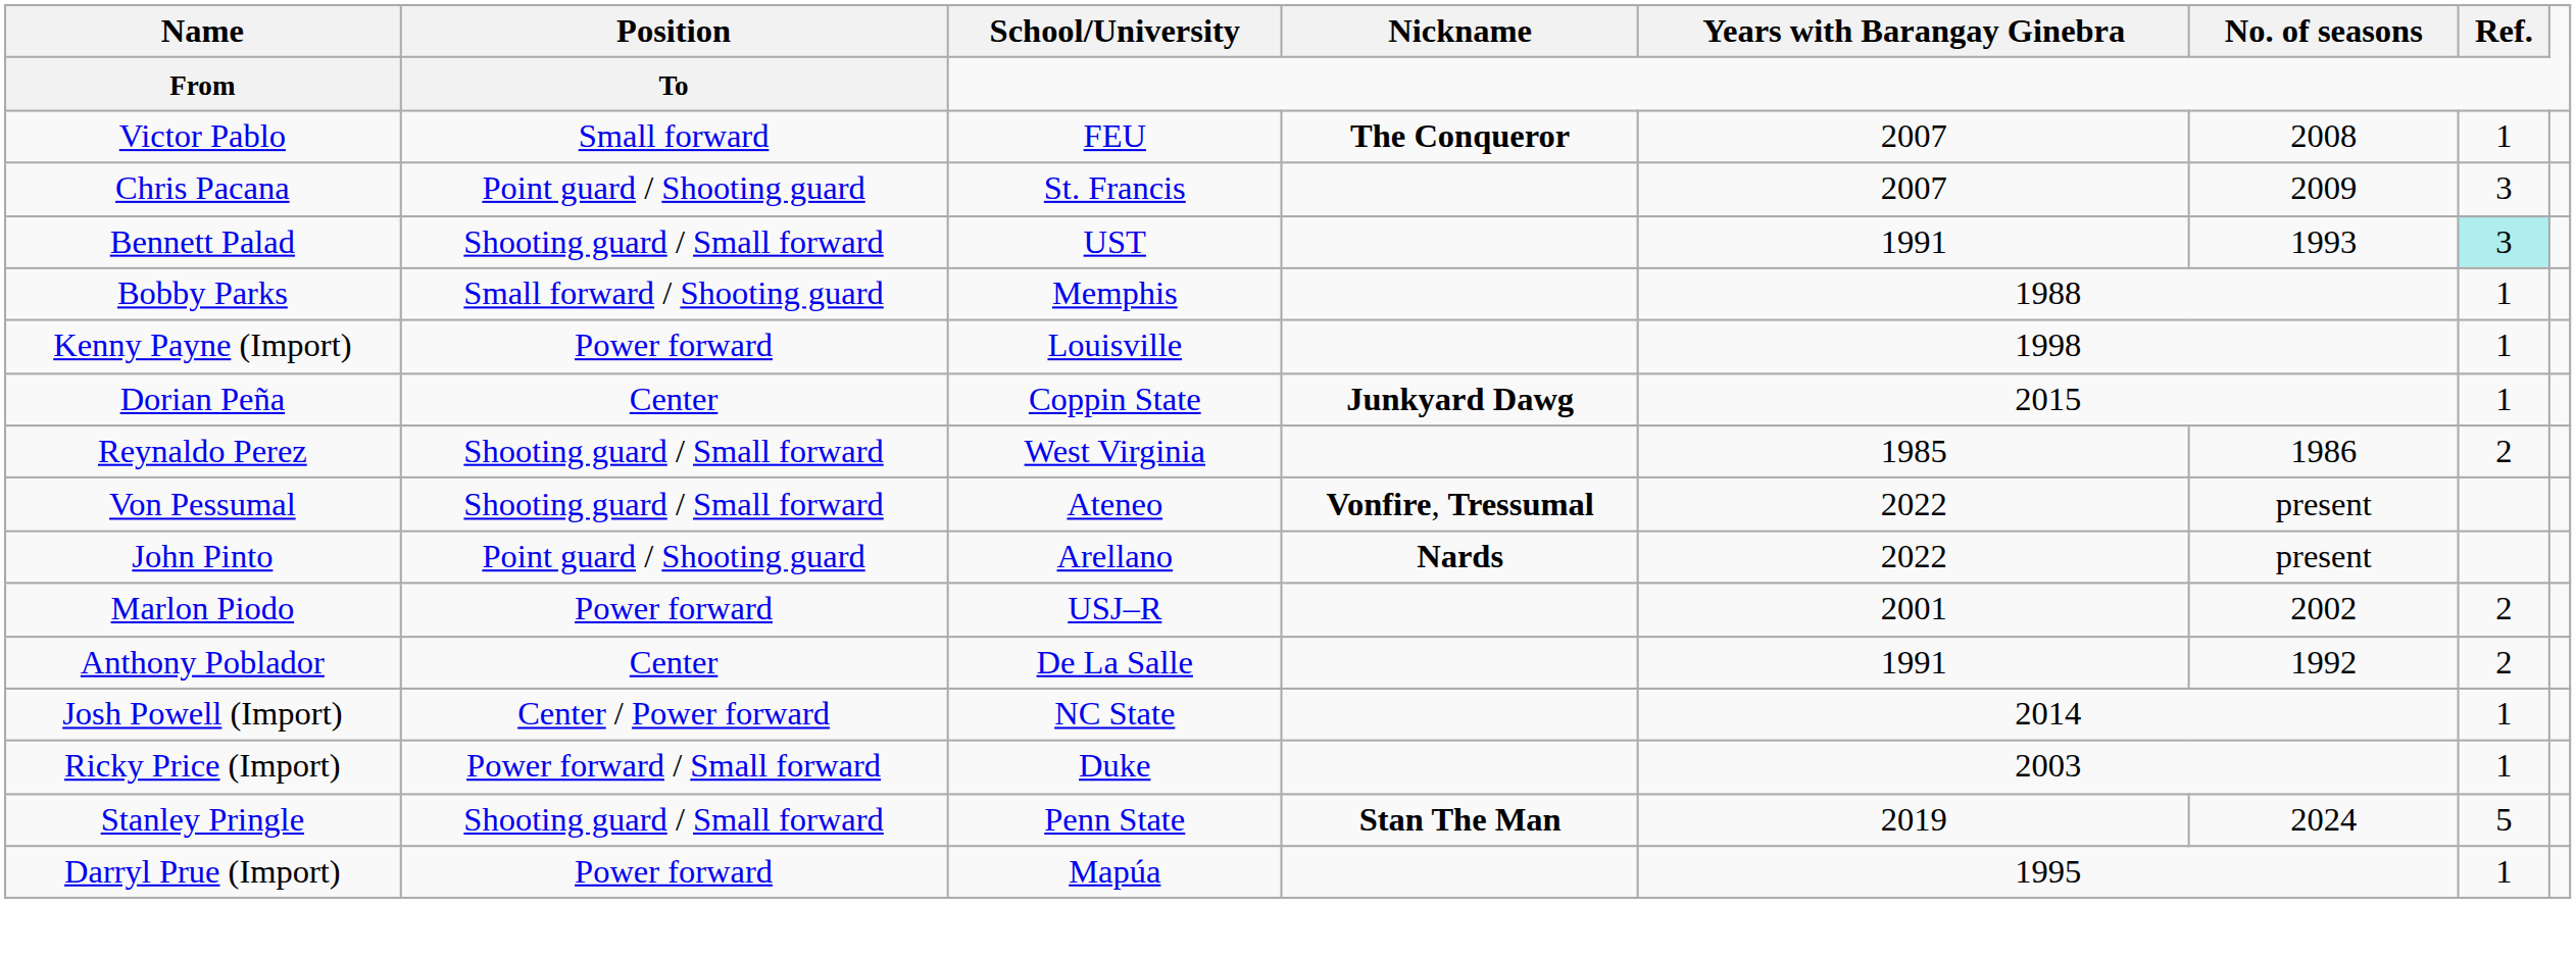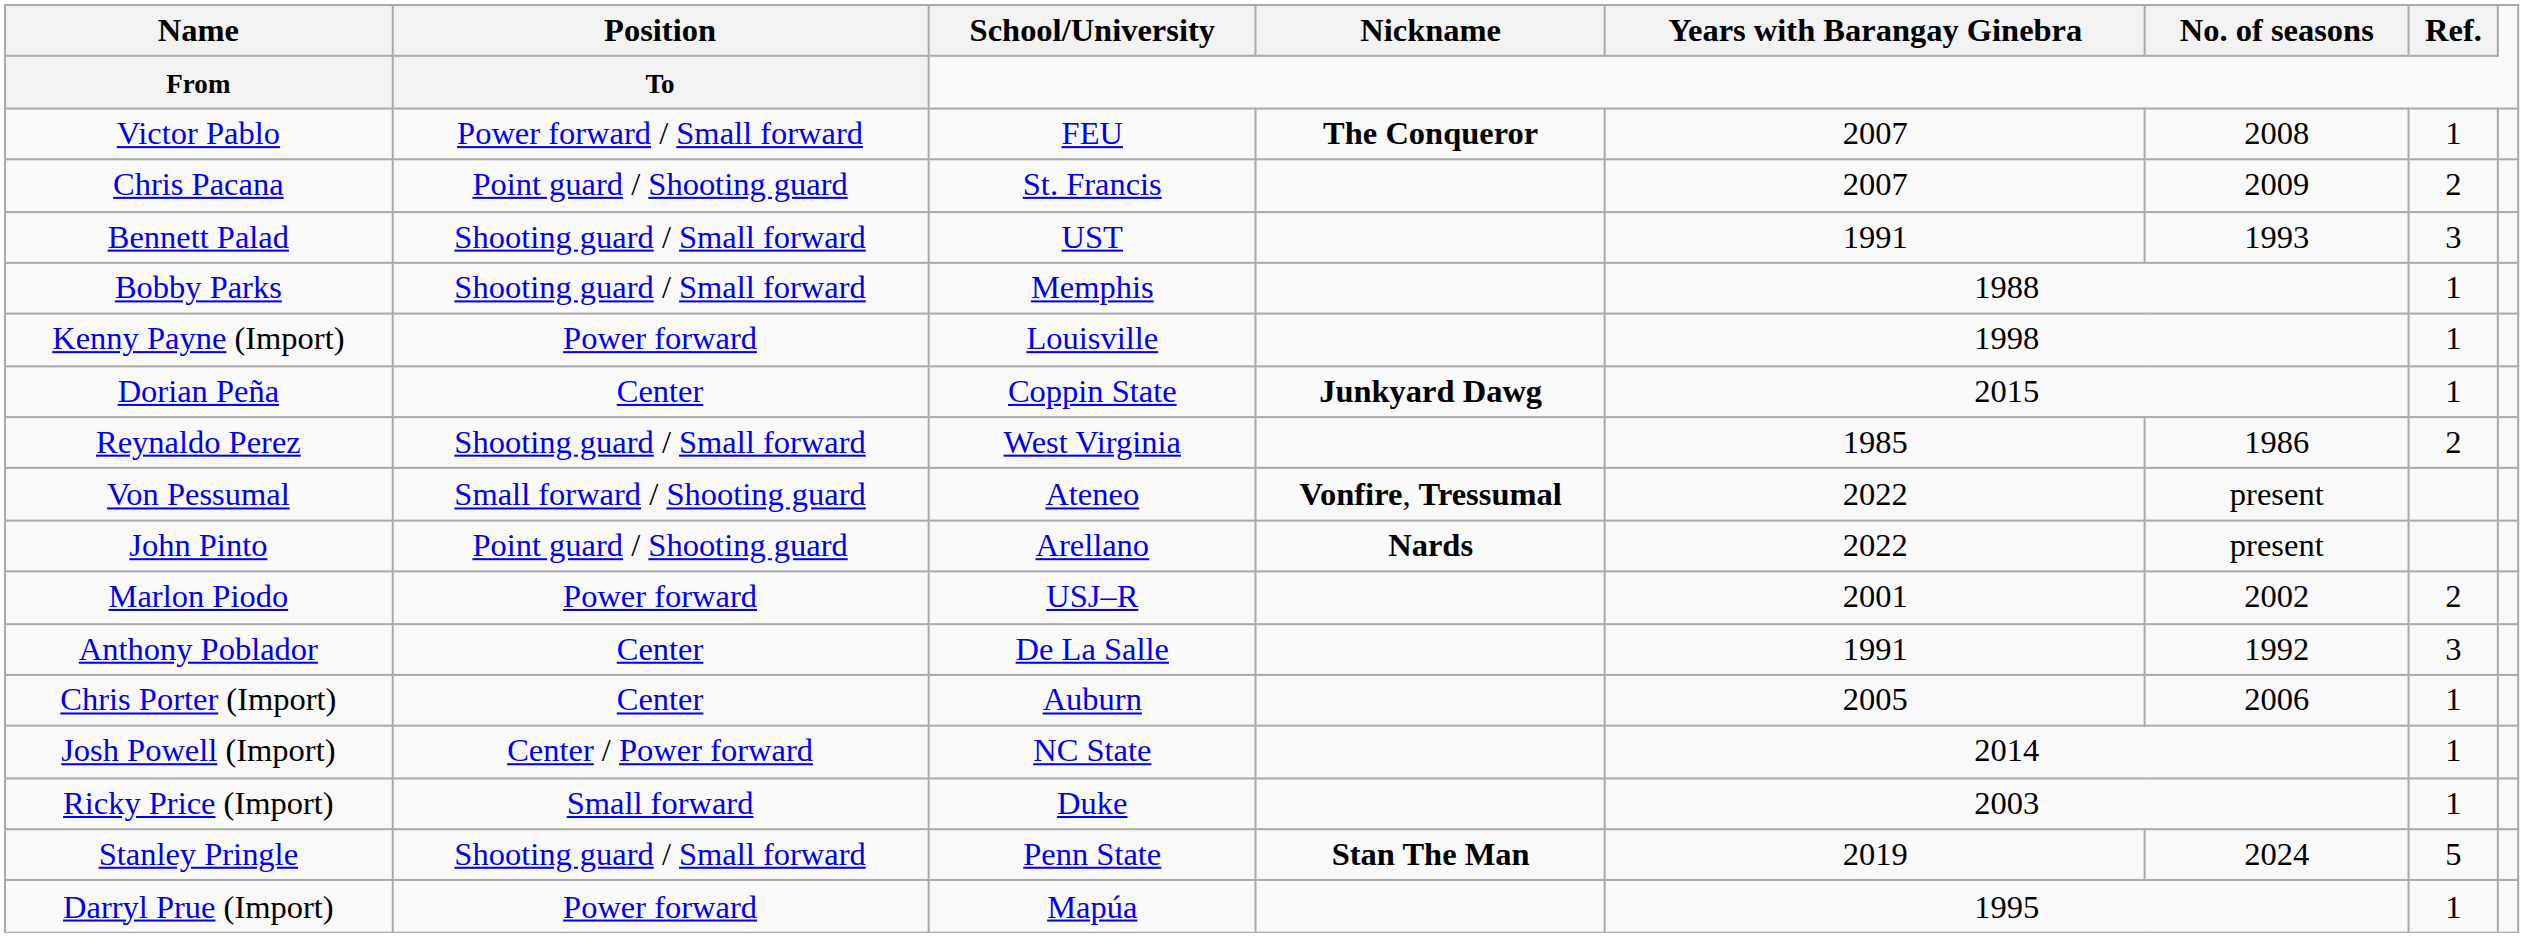 <table class="wikitable sortable" style="text-align:center" width="98%">
 <tr>
 <th>Name</th>
 <th>Position</th>
 <th>School/University</th>
 <th>Nickname</th>
 <th>Years with Barangay Ginebra</th>
 <th>No. of seasons</th>
 <th>Ref.</th>
 </tr>
 <tr>
 <th><small>From</small></th>
 <th><small>To</small></th>
 </tr>
 <tr>
 <td><a href='#'>Victor Pablo</a></td>
-<td><a href='#'>Small forward</a></td>
+<td><a href='#'>Power forward</a> / <a href='#'>Small forward</a></td>
 <td><a href='#'>FEU</a></td>
 <td><strong>The Conqueror</strong></td>
 <td>2007</td>
 <td>2008</td>
 <td>1</td>
 <td></td>
 </tr>
 <tr>
 <td><a href='#'>Chris Pacana</a></td>
 <td><a href='#'>Point guard</a> / <a href='#'>Shooting guard</a></td>
 <td><a href='#'>St. Francis</a></td>
 <td></td>
 <td>2007</td>
 <td>2009</td>
-<td>3</td>
+<td>2</td>
 <td></td>
 </tr>
 <tr>
 <td><a href='#'>Bennett Palad</a></td>
 <td><a href='#'>Shooting guard</a> / <a href='#'>Small forward</a></td>
 <td><a href='#'>UST</a></td>
 <td></td>
 <td>1991</td>
 <td>1993</td>
-<td style="background: paleturquoise;">3</td>
+<td>3</td>
 <td></td>
 </tr>
 <tr>
 <td><a href='#'>Bobby Parks</a></td>
-<td><a href='#'>Small forward</a> / <a href='#'>Shooting guard</a></td>
+<td><a href='#'>Shooting guard</a> / <a href='#'>Small forward</a></td>
 <td><a href='#'>Memphis</a></td>
 <td></td>
 <td colspan="2">1988</td>
 <td>1</td>
 <td></td>
 </tr>
 <tr>
 <td><a href='#'>Kenny Payne</a> (Import)</td>
 <td><a href='#'>Power forward</a></td>
 <td><a href='#'>Louisville</a></td>
 <td></td>
 <td colspan="2">1998</td>
 <td>1</td>
 <td></td>
 </tr>
 <tr>
 <td><a href='#'>Dorian Peña</a></td>
 <td><a href='#'>Center</a></td>
 <td><a href='#'>Coppin State</a></td>
 <td><strong>Junkyard Dawg</strong></td>
 <td colspan="2">2015</td>
 <td>1</td>
 <td></td>
 </tr>
 <tr>
 <td><a href='#'>Reynaldo Perez</a></td>
 <td><a href='#'>Shooting guard</a> / <a href='#'>Small forward</a></td>
 <td><a href='#'>West Virginia</a></td>
 <td></td>
 <td>1985</td>
 <td>1986</td>
 <td>2</td>
 <td></td>
 </tr>
 <tr>
 <td><a href='#'>Von Pessumal</a></td>
-<td><a href='#'>Shooting guard</a> / <a href='#'>Small forward</a></td>
+<td><a href='#'>Small forward</a> / <a href='#'>Shooting guard</a></td>
 <td><a href='#'>Ateneo</a></td>
 <td><strong>Vonfire</strong>, <strong>Tressumal</strong></td>
 <td>2022</td>
 <td>present</td>
 <td></td>
 <td></td>
 </tr>
 <tr>
 <td><a href='#'>John Pinto</a></td>
 <td><a href='#'>Point guard</a> / <a href='#'>Shooting guard</a></td>
 <td><a href='#'>Arellano</a></td>
 <td><strong>Nards</strong></td>
 <td>2022</td>
 <td>present</td>
 <td></td>
 <td></td>
 </tr>
 <tr>
 <td><a href='#'>Marlon Piodo</a></td>
 <td><a href='#'>Power forward</a></td>
 <td><a href='#'>USJ–R</a></td>
 <td></td>
 <td>2001</td>
 <td>2002</td>
 <td>2</td>
 <td></td>
 </tr>
 <tr>
 <td><a href='#'>Anthony Poblador</a></td>
 <td><a href='#'>Center</a></td>
 <td><a href='#'>De La Salle</a></td>
 <td></td>
 <td>1991</td>
 <td>1992</td>
-<td>2</td>
+<td>3</td>
+<td></td>
+</tr>
+<tr>
+<td><a href='#'>Chris Porter</a> (Import)</td>
+<td><a href='#'>Center</a></td>
+<td><a href='#'>Auburn</a></td>
+<td></td>
+<td>2005</td>
+<td>2006</td>
+<td>1</td>
 <td></td>
 </tr>
 <tr>
 <td><a href='#'>Josh Powell</a> (Import)</td>
 <td><a href='#'>Center</a> / <a href='#'>Power forward</a></td>
 <td><a href='#'>NC State</a></td>
 <td></td>
 <td colspan="2">2014</td>
 <td>1</td>
 <td></td>
 </tr>
 <tr>
 <td><a href='#'>Ricky Price</a> (Import)</td>
-<td><a href='#'>Power forward</a> / <a href='#'>Small forward</a></td>
+<td><a href='#'>Small forward</a></td>
 <td><a href='#'>Duke</a></td>
 <td></td>
 <td colspan="2">2003</td>
 <td>1</td>
 <td></td>
 </tr>
 <tr>
 <td><a href='#'>Stanley Pringle</a></td>
 <td><a href='#'>Shooting guard</a> / <a href='#'>Small forward</a></td>
 <td><a href='#'>Penn State</a></td>
 <td><strong>Stan The Man</strong></td>
 <td>2019</td>
 <td>2024</td>
 <td>5</td>
 <td></td>
 </tr>
 <tr>
 <td><a href='#'>Darryl Prue</a> (Import)</td>
 <td><a href='#'>Power forward</a></td>
 <td><a href='#'>Mapúa</a></td>
 <td></td>
 <td colspan="2">1995</td>
 <td>1</td>
 <td></td>
 </tr>
 </table>
